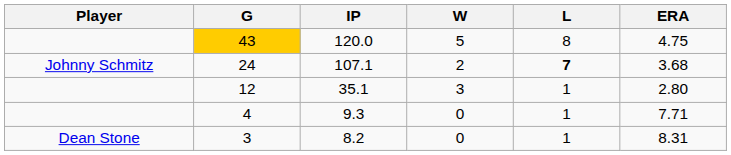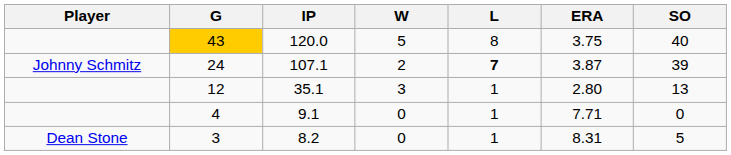 <table class="wikitable sortable">
 <tr>
 <th bgcolor="#DDDDFF" width="16%">Player</th>
 <th bgcolor="#DDDDFF" width="9%">G</th>
 <th bgcolor="#DDDDFF" width="9%">IP</th>
 <th bgcolor="#DDDDFF" width="9%">W</th>
 <th bgcolor="#DDDDFF" width="9%">L</th>
 <th bgcolor="#DDDDFF" width="9%">ERA</th>
+<th bgcolor="#DDDDFF" width="9%">SO</th>
 </tr>
 <tr align="center">
 <td></td>
 <td style="background:#fc0;">43</td>
 <td>120.0</td>
 <td>5</td>
 <td>8</td>
-<td>4.75</td>
+<td>3.75</td>
+<td>40</td>
 </tr>
 <tr align="center">
 <td><a href='#'>Johnny Schmitz</a></td>
 <td>24</td>
 <td>107.1</td>
 <td>2</td>
 <td><strong>7</strong></td>
-<td>3.68</td>
+<td>3.87</td>
+<td>39</td>
 </tr>
 <tr align="center">
 <td></td>
 <td>12</td>
 <td>35.1</td>
 <td>3</td>
 <td>1</td>
 <td>2.80</td>
+<td>13</td>
 </tr>
 <tr align="center">
 <td></td>
 <td>4</td>
-<td>9.3</td>
+<td>9.1</td>
 <td>0</td>
 <td>1</td>
 <td>7.71</td>
+<td>0</td>
 </tr>
 <tr align="center">
 <td><a href='#'>Dean Stone</a></td>
 <td>3</td>
 <td>8.2</td>
 <td>0</td>
 <td>1</td>
 <td>8.31</td>
+<td>5</td>
 </tr>
 </table>
